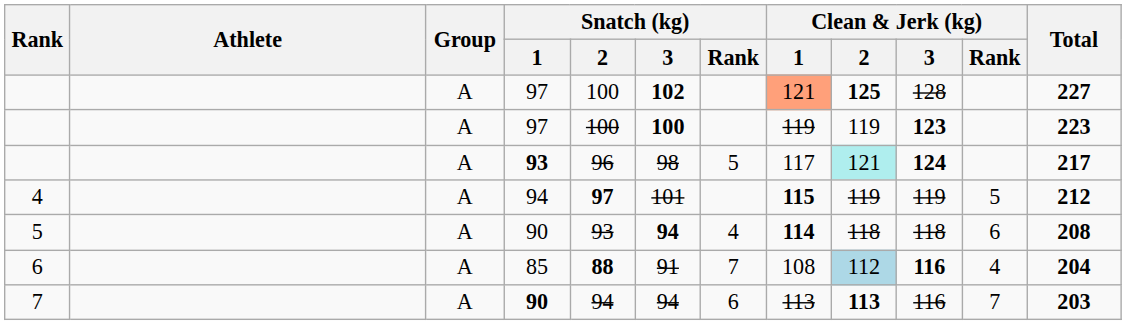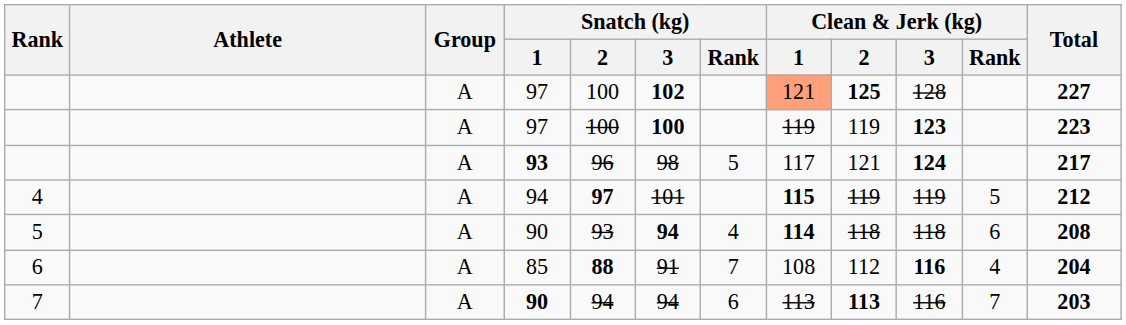 <table class = "wikitable" style="text-align:center;">
 <tr>
 <th rowspan=2 width=40>Rank</th>
 <th rowspan=2 width=250>Athlete</th>
 <th rowspan=2 width=50>Group</th>
 <th colspan=4>Snatch (kg)</th>
 <th colspan=4>Clean & Jerk (kg)</th>
 <th rowspan=2 width=60>Total</th>
 </tr>
 <tr>
 <th width=40>1</th>
 <th width=40>2</th>
 <th width=40>3</th>
 <th width=40>Rank</th>
 <th width=40>1</th>
 <th width=40>2</th>
 <th width=40>3</th>
 <th width=40>Rank</th>
 </tr>
 <tr>
 <td></td>
 <td align=left></td>
 <td>A</td>
 <td>97</td>
 <td>100</td>
 <td><strong>102</strong></td>
 <td></td>
 <td style="background: lightsalmon;">121</td>
 <td><strong>125</strong></td>
 <td><s>128</s></td>
 <td></td>
 <td><strong>227</strong></td>
 </tr>
 <tr>
 <td></td>
 <td align=left></td>
 <td>A</td>
 <td>97</td>
 <td><s>100</s></td>
 <td><strong>100</strong></td>
 <td></td>
 <td><s>119</s></td>
 <td>119</td>
 <td><strong>123</strong></td>
 <td></td>
 <td><strong>223</strong></td>
 </tr>
 <tr>
 <td></td>
 <td align=left></td>
 <td>A</td>
 <td><strong>93</strong></td>
 <td><s>96</s></td>
 <td><s>98</s></td>
 <td>5</td>
 <td>117</td>
-<td style="background: paleturquoise;">121</td>
+<td>121</td>
 <td><strong>124</strong></td>
 <td></td>
 <td><strong>217</strong></td>
 </tr>
 <tr>
 <td>4</td>
 <td align=left></td>
 <td>A</td>
 <td>94</td>
 <td><strong>97</strong></td>
 <td><s>101</s></td>
 <td></td>
 <td><strong>115</strong></td>
 <td><s>119</s></td>
 <td><s>119</s></td>
 <td>5</td>
 <td><strong>212</strong></td>
 </tr>
 <tr>
 <td>5</td>
 <td align=left></td>
 <td>A</td>
 <td>90</td>
 <td><s>93</s></td>
 <td><strong>94</strong></td>
 <td>4</td>
 <td><strong>114</strong></td>
 <td><s>118</s></td>
 <td><s>118</s></td>
 <td>6</td>
 <td><strong>208</strong></td>
 </tr>
 <tr>
 <td>6</td>
 <td align=left></td>
 <td>A</td>
 <td>85</td>
 <td><strong>88</strong></td>
 <td><s>91</s></td>
 <td>7</td>
 <td>108</td>
-<td style="background: lightblue;">112</td>
+<td>112</td>
 <td><strong>116</strong></td>
 <td>4</td>
 <td><strong>204</strong></td>
 </tr>
 <tr>
 <td>7</td>
 <td align=left></td>
 <td>A</td>
 <td><strong>90</strong></td>
 <td><s>94</s></td>
 <td><s>94</s></td>
 <td>6</td>
 <td><s>113</s></td>
 <td><strong>113</strong></td>
 <td><s>116</s></td>
 <td>7</td>
 <td><strong>203</strong></td>
 </tr>
 </table>
